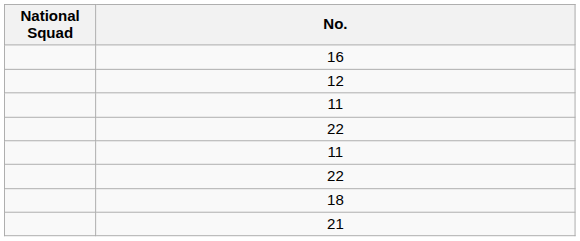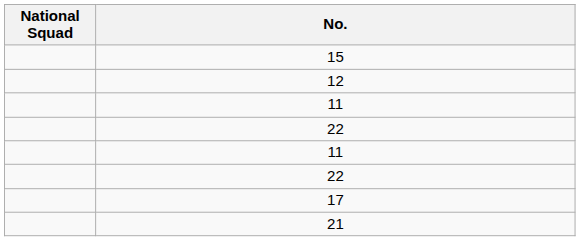 <table class="wikitable sortable">
 <tr>
 <th width=16%>National Squad</th>
 <th>No.</th>
 </tr>
 <tr>
 <td></td>
-<td align="center">16</td>
+<td align="center">15</td>
 </tr>
 <tr>
 <td></td>
 <td align="center">12</td>
 </tr>
 <tr>
 <td></td>
 <td align="center">11</td>
 </tr>
 <tr>
 <td></td>
 <td align="center">22</td>
 </tr>
 <tr>
 <td></td>
 <td align="center">11</td>
 </tr>
 <tr>
 <td></td>
 <td align="center">22</td>
 </tr>
 <tr>
 <td></td>
-<td align="center">18</td>
+<td align="center">17</td>
 </tr>
 <tr>
 <td></td>
 <td align="center">21</td>
 </tr>
 </table>
